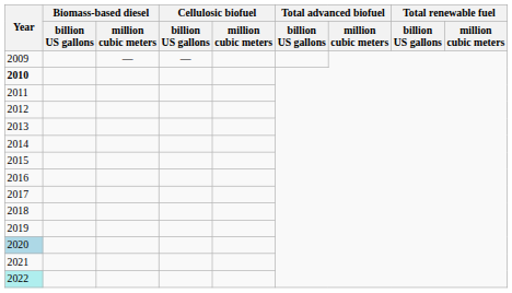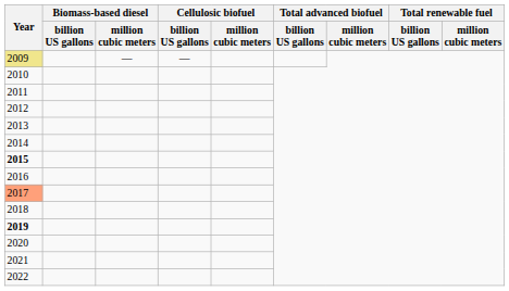 <table class="wikitable">
 <tr>
 <th rowspan="2" style="width:50px;">Year</th>
 <th colspan="2">Biomass-based diesel</th>
 <th colspan="2">Cellulosic biofuel</th>
 <th colspan="2">Total advanced biofuel</th>
 <th colspan="2">Total renewable fuel</th>
 </tr>
 <tr>
 <th>billion<br>US gallons</th>
 <th>million<br>cubic meters</th>
 <th>billion<br>US gallons</th>
 <th>million<br>cubic meters</th>
 <th>billion<br>US gallons</th>
 <th>million<br>cubic meters</th>
 <th>billion<br>US gallons</th>
 <th>million<br>cubic meters</th>
 </tr>
 <tr>
-<td>2009</td>
+<td style="background: khaki;">2009</td>
 <td></td>
 <td align=center>—</td>
 <td align=center>—</td>
 <td></td>
 <td></td>
 </tr>
 <tr>
-<td><strong>2010</strong></td>
+<td>2010</td>
 <td></td>
 <td></td>
 <td></td>
 <td></td>
 </tr>
 <tr>
 <td>2011</td>
 <td></td>
 <td></td>
 <td></td>
 <td></td>
 </tr>
 <tr>
 <td>2012</td>
 <td></td>
 <td></td>
 <td></td>
 <td></td>
 </tr>
 <tr>
 <td>2013</td>
 <td></td>
 <td></td>
 <td></td>
 <td></td>
 </tr>
 <tr>
 <td>2014</td>
 <td></td>
 <td></td>
 <td></td>
 <td></td>
 </tr>
 <tr>
-<td>2015</td>
+<td><strong>2015</strong></td>
 <td></td>
 <td></td>
 <td></td>
 <td></td>
 </tr>
 <tr>
 <td>2016</td>
 <td></td>
 <td></td>
 <td></td>
 <td></td>
 </tr>
 <tr>
-<td>2017</td>
+<td style="background: lightsalmon;">2017</td>
 <td></td>
 <td></td>
 <td></td>
 <td></td>
 </tr>
 <tr>
 <td>2018</td>
 <td></td>
 <td></td>
 <td></td>
 <td></td>
 </tr>
 <tr>
-<td>2019</td>
+<td><strong>2019</strong></td>
 <td></td>
 <td></td>
 <td></td>
 <td></td>
 </tr>
 <tr>
-<td style="background: lightblue;">2020</td>
+<td>2020</td>
 <td></td>
 <td></td>
 <td></td>
 <td></td>
 </tr>
 <tr>
 <td>2021</td>
 <td></td>
 <td></td>
 <td></td>
 <td></td>
 </tr>
 <tr>
-<td style="background: paleturquoise;">2022</td>
+<td>2022</td>
 <td></td>
 <td></td>
 <td></td>
 <td></td>
 </tr>
 </table>
